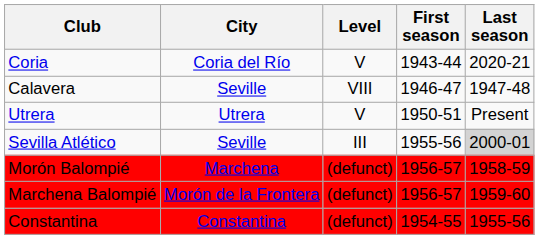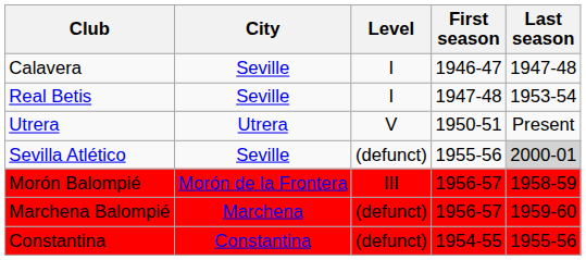 <table class="wikitable sortable" style="text-align: center;">
 <tr>
 <th>Club</th>
 <th>City</th>
 <th>Level</th>
 <th>First<br>season</th>
 <th>Last<br>season</th>
 </tr>
 <tr>
-<td align="left"><a href='#'>Coria</a></td>
-<td><a href='#'>Coria del Río</a></td>
-<td>V</td>
-<td>1943-44</td>
-<td>2020-21</td>
+<td align="left">Calavera</td>
+<td><a href='#'>Seville</a></td>
+<td>I</td>
+<td>1946-47</td>
+<td>1947-48</td>
 </tr>
 <tr>
-<td align="left">Calavera</td>
+<td align="left"><a href='#'>Real Betis</a></td>
 <td><a href='#'>Seville</a></td>
-<td>VIII</td>
-<td>1946-47</td>
+<td>I</td>
 <td>1947-48</td>
+<td>1953-54</td>
 </tr>
 <tr>
 <td align="left"><a href='#'>Utrera</a></td>
 <td><a href='#'>Utrera</a></td>
 <td>V</td>
 <td>1950-51</td>
 <td>Present</td>
 </tr>
 <tr>
 <td align="left"><a href='#'>Sevilla Atlético</a></td>
 <td><a href='#'>Seville</a></td>
-<td>III</td>
+<td>(defunct)</td>
 <td>1955-56</td>
 <td style="background: lightgrey;">2000-01</td>
 </tr>
 <tr style="background:#FF0000">
 <td align="left">Morón Balompié</td>
-<td><a href='#'>Marchena</a></td>
-<td>(defunct)</td>
+<td><a href='#'>Morón de la Frontera</a></td>
+<td>III</td>
 <td>1956-57</td>
 <td>1958-59</td>
 </tr>
 <tr style="background:#FF0000">
 <td align="left">Marchena Balompié</td>
-<td><a href='#'>Morón de la Frontera</a></td>
+<td><a href='#'>Marchena</a></td>
 <td>(defunct)</td>
 <td>1956-57</td>
 <td>1959-60</td>
 </tr>
 <tr style="background:#FF0000">
 <td align="left">Constantina</td>
 <td><a href='#'>Constantina</a></td>
 <td>(defunct)</td>
 <td>1954-55</td>
 <td>1955-56</td>
 </tr>
 </table>
